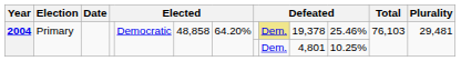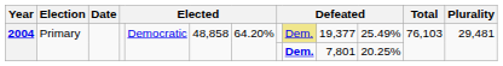 <table class="wikitable">
 <tr>
 <th>Year</th>
 <th>Election</th>
 <th>Date</th>
 <th colspan="4">Elected</th>
 <th colspan="4">Defeated</th>
 <th>Total</th>
 <th>Plurality</th>
 </tr>
 <tr>
 <th rowspan="2" valign="top"><a href='#'>2004</a></th>
 <td rowspan="2" valign="top">Primary</td>
 <td rowspan="2" valign="top"></td>
 <td rowspan="2" valign="top"></td>
 <td valign="top" rowspan="2" ><a href='#'>Democratic</a></td>
 <td rowspan="2" align="right" valign="top">48,858</td>
 <td rowspan="2" align="right" valign="top">64.20%</td>
 <td valign="top"></td>
 <td valign="top"  style="background: khaki;"><a href='#'>Dem.</a></td>
-<td align="right" valign="top">19,378</td>
-<td align="right" valign="top">25.46%</td>
+<td align="right" valign="top">19,377</td>
+<td align="right" valign="top">25.49%</td>
 <td rowspan="2" align="right" valign="top">76,103</td>
 <td rowspan="2" align="right" valign="top">29,481</td>
 </tr>
 <tr>
 <td valign="top"></td>
-<td valign="top" ><a href='#'>Dem.</a></td>
-<td align="right" valign="top">4,801</td>
-<td align="right" valign="top">10.25%</td>
+<td valign="top" ><strong><a href='#'>Dem.</a></strong></td>
+<td align="right" valign="top">7,801</td>
+<td align="right" valign="top">20.25%</td>
 </tr>
 </table>
